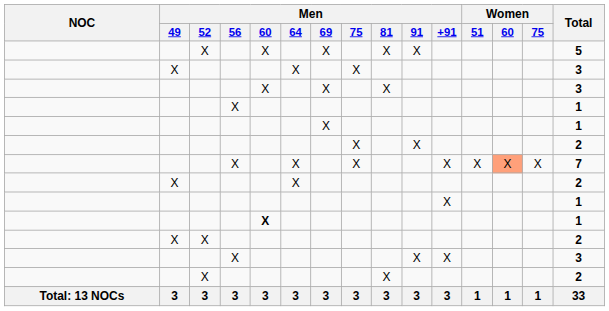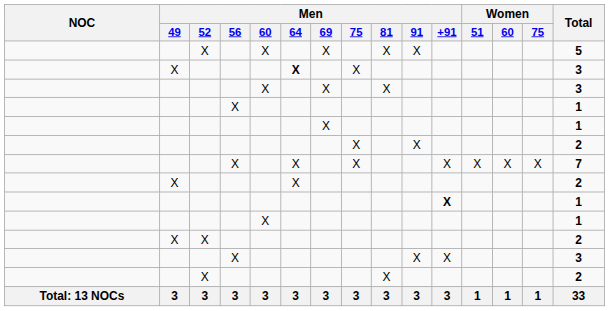 <table class="wikitable" style="text-align:center; font-size:90%">
 <tr>
 <th rowspan="2" width=180 style="text-align:center;">NOC</th>
 <th colspan="10">Men</th>
 <th colspan=3>Women</th>
 <th ! width=55 rowspan="2">Total</th>
 </tr>
 <tr style="font-size: 95%">
 <th width=30><a href='#'>49</a></th>
 <th width=30><a href='#'>52</a></th>
 <th width=30><a href='#'>56</a></th>
 <th width=30><a href='#'>60</a></th>
 <th width=30><a href='#'>64</a></th>
 <th width=30><a href='#'>69</a></th>
 <th width=30><a href='#'>75</a></th>
 <th width=30><a href='#'>81</a></th>
 <th width=30><a href='#'>91</a></th>
 <th width=30><a href='#'>+91</a></th>
 <th width=30><a href='#'>51</a></th>
 <th width=30><a href='#'>60</a></th>
 <th width=30><a href='#'>75</a></th>
 </tr>
 <tr>
 <td style="text-align:left;"></td>
 <td></td>
 <td>X</td>
 <td></td>
 <td>X</td>
 <td></td>
 <td>X</td>
 <td></td>
 <td>X</td>
 <td>X</td>
 <td></td>
 <td></td>
 <td></td>
 <td></td>
 <td><strong>5</strong></td>
 </tr>
 <tr>
 <td style="text-align:left;"></td>
 <td>X</td>
 <td></td>
 <td></td>
 <td></td>
-<td>X</td>
+<td><strong>X</strong></td>
 <td></td>
 <td>X</td>
 <td></td>
 <td></td>
 <td></td>
 <td></td>
 <td></td>
 <td></td>
 <td><strong>3</strong></td>
 </tr>
 <tr>
 <td style="text-align:left;"></td>
 <td></td>
 <td></td>
 <td></td>
 <td>X</td>
 <td></td>
 <td>X</td>
 <td></td>
 <td>X</td>
 <td></td>
 <td></td>
 <td></td>
 <td></td>
 <td></td>
 <td><strong>3</strong></td>
 </tr>
 <tr>
 <td style="text-align:left;"></td>
 <td></td>
 <td></td>
 <td>X</td>
 <td></td>
 <td></td>
 <td></td>
 <td></td>
 <td></td>
 <td></td>
 <td></td>
 <td></td>
 <td></td>
 <td></td>
 <td><strong>1</strong></td>
 </tr>
 <tr>
 <td style="text-align:left;"></td>
 <td></td>
 <td></td>
 <td></td>
 <td></td>
 <td></td>
 <td>X</td>
 <td></td>
 <td></td>
 <td></td>
 <td></td>
 <td></td>
 <td></td>
 <td></td>
 <td><strong>1</strong></td>
 </tr>
 <tr>
 <td style="text-align:left;"></td>
 <td></td>
 <td></td>
 <td></td>
 <td></td>
 <td></td>
 <td></td>
 <td>X</td>
 <td></td>
 <td>X</td>
 <td></td>
 <td></td>
 <td></td>
 <td></td>
 <td><strong>2</strong></td>
 </tr>
 <tr>
 <td style="text-align:left;"></td>
 <td></td>
 <td></td>
 <td>X</td>
 <td></td>
 <td>X</td>
 <td></td>
 <td>X</td>
 <td></td>
 <td></td>
 <td>X</td>
 <td>X</td>
-<td style="background: lightsalmon;">X</td>
+<td>X</td>
 <td>X</td>
 <td><strong>7</strong></td>
 </tr>
 <tr>
 <td style="text-align:left;"></td>
 <td>X</td>
 <td></td>
 <td></td>
 <td></td>
 <td>X</td>
 <td></td>
 <td></td>
 <td></td>
 <td></td>
 <td></td>
 <td></td>
 <td></td>
 <td></td>
 <td><strong>2</strong></td>
 </tr>
 <tr>
 <td style="text-align:left;"></td>
 <td></td>
 <td></td>
 <td></td>
 <td></td>
 <td></td>
 <td></td>
 <td></td>
 <td></td>
 <td></td>
-<td>X</td>
+<td><strong>X</strong></td>
 <td></td>
 <td></td>
 <td></td>
 <td><strong>1</strong></td>
 </tr>
 <tr>
 <td style="text-align:left;"></td>
 <td></td>
 <td></td>
 <td></td>
-<td><strong>X</strong></td>
+<td>X</td>
 <td></td>
 <td></td>
 <td></td>
 <td></td>
 <td></td>
 <td></td>
 <td></td>
 <td></td>
 <td></td>
 <td><strong>1</strong></td>
 </tr>
 <tr>
 <td style="text-align:left;"></td>
 <td>X</td>
 <td>X</td>
 <td></td>
 <td></td>
 <td></td>
 <td></td>
 <td></td>
 <td></td>
 <td></td>
 <td></td>
 <td></td>
 <td></td>
 <td></td>
 <td><strong>2</strong></td>
 </tr>
 <tr>
 <td style="text-align:left;"></td>
 <td></td>
 <td></td>
 <td>X</td>
 <td></td>
 <td></td>
 <td></td>
 <td></td>
 <td></td>
 <td>X</td>
 <td>X</td>
 <td></td>
 <td></td>
 <td></td>
 <td><strong>3</strong></td>
 </tr>
 <tr>
 <td style="text-align:left;"></td>
 <td></td>
 <td>X</td>
 <td></td>
 <td></td>
 <td></td>
 <td></td>
 <td></td>
 <td>X</td>
 <td></td>
 <td></td>
 <td></td>
 <td></td>
 <td></td>
 <td><strong>2</strong></td>
 </tr>
 <tr>
 <th>Total: 13 NOCs</th>
 <th>3</th>
 <th>3</th>
 <th>3</th>
 <th>3</th>
 <th>3</th>
 <th>3</th>
 <th>3</th>
 <th>3</th>
 <th>3</th>
 <th>3</th>
 <th>1</th>
 <th>1</th>
 <th>1</th>
 <th>33</th>
 </tr>
 </table>
